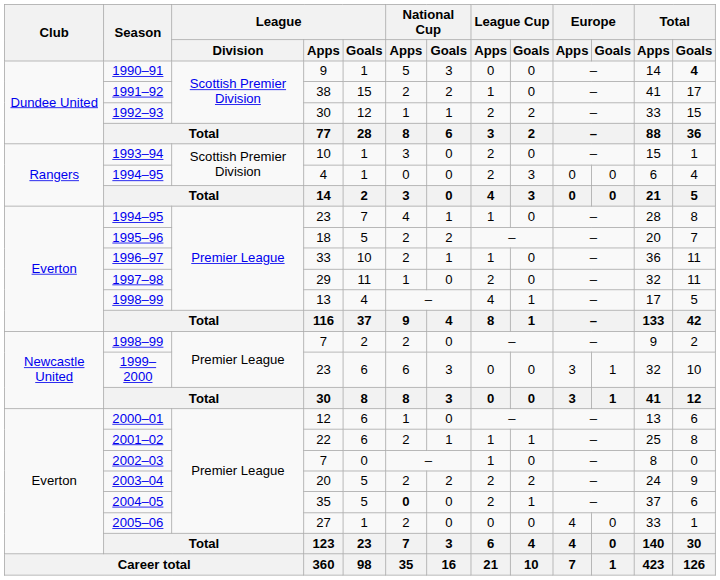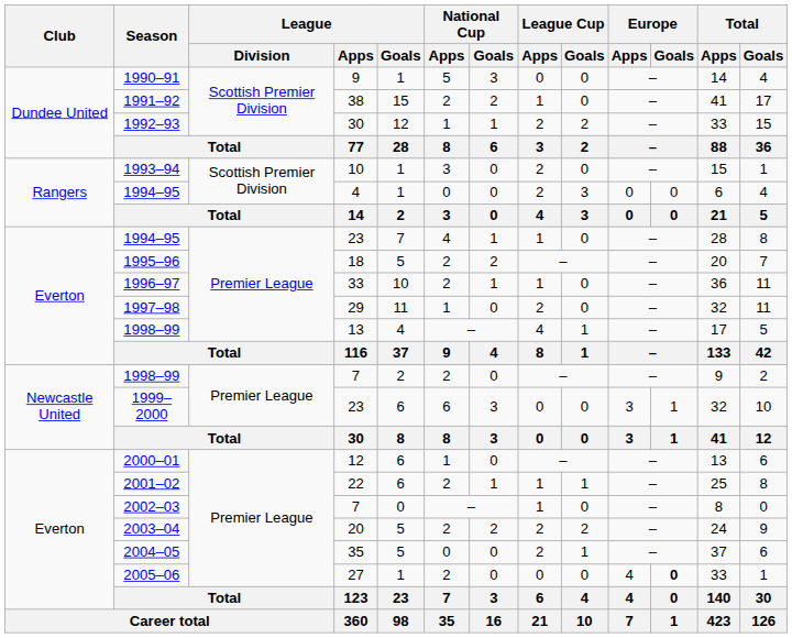 <table class=wikitable style=text-align:center>
 <tr>
 <th rowspan="2">Club</th>
 <th rowspan="2">Season</th>
 <th colspan="3">League</th>
 <th colspan="2">National Cup</th>
 <th colspan="2">League Cup</th>
 <th colspan="2">Europe</th>
 <th colspan="2">Total</th>
 </tr>
 <tr>
 <th>Division</th>
 <th>Apps</th>
 <th>Goals</th>
 <th>Apps</th>
 <th>Goals</th>
 <th>Apps</th>
 <th>Goals</th>
 <th>Apps</th>
 <th>Goals</th>
 <th>Apps</th>
 <th>Goals</th>
 </tr>
 <tr>
 <td rowspan="4"><a href='#'>Dundee United</a></td>
 <td><a href='#'>1990–91</a></td>
 <td rowspan="3"><a href='#'>Scottish Premier Division</a></td>
 <td>9</td>
 <td>1</td>
 <td>5</td>
 <td>3</td>
 <td>0</td>
 <td>0</td>
 <td colspan="2">–</td>
 <td>14</td>
-<td><strong>4</strong></td>
+<td>4</td>
 </tr>
 <tr>
 <td><a href='#'>1991–92</a></td>
 <td>38</td>
 <td>15</td>
 <td>2</td>
 <td>2</td>
 <td>1</td>
 <td>0</td>
 <td colspan="2">–</td>
 <td>41</td>
 <td>17</td>
 </tr>
 <tr>
 <td><a href='#'>1992–93</a></td>
 <td>30</td>
 <td>12</td>
 <td>1</td>
 <td>1</td>
 <td>2</td>
 <td>2</td>
 <td colspan="2">–</td>
 <td>33</td>
 <td>15</td>
 </tr>
 <tr>
 <th colspan="2">Total</th>
 <th>77</th>
 <th>28</th>
 <th>8</th>
 <th>6</th>
 <th>3</th>
 <th>2</th>
 <th colspan="2">–</th>
 <th>88</th>
 <th>36</th>
 </tr>
 <tr>
 <td rowspan="3"><a href='#'>Rangers</a></td>
 <td><a href='#'>1993–94</a></td>
 <td rowspan="2">Scottish Premier Division</td>
 <td>10</td>
 <td>1</td>
 <td>3</td>
 <td>0</td>
 <td>2</td>
 <td>0</td>
 <td colspan="2">–</td>
 <td>15</td>
 <td>1</td>
 </tr>
 <tr>
 <td><a href='#'>1994–95</a></td>
 <td>4</td>
 <td>1</td>
 <td>0</td>
 <td>0</td>
 <td>2</td>
 <td>3</td>
 <td>0</td>
 <td>0</td>
 <td>6</td>
 <td>4</td>
 </tr>
 <tr>
 <th colspan="2">Total</th>
 <th>14</th>
 <th>2</th>
 <th>3</th>
 <th>0</th>
 <th>4</th>
 <th>3</th>
 <th>0</th>
 <th>0</th>
 <th>21</th>
 <th>5</th>
 </tr>
 <tr>
 <td rowspan="6"><a href='#'>Everton</a></td>
 <td><a href='#'>1994–95</a></td>
 <td rowspan="5"><a href='#'>Premier League</a></td>
 <td>23</td>
 <td>7</td>
 <td>4</td>
 <td>1</td>
 <td>1</td>
 <td>0</td>
 <td colspan="2">–</td>
 <td>28</td>
 <td>8</td>
 </tr>
 <tr>
 <td><a href='#'>1995–96</a></td>
 <td>18</td>
 <td>5</td>
 <td>2</td>
 <td>2</td>
 <td colspan="2">–</td>
 <td colspan="2">–</td>
 <td>20</td>
 <td>7</td>
 </tr>
 <tr>
 <td><a href='#'>1996–97</a></td>
 <td>33</td>
 <td>10</td>
 <td>2</td>
 <td>1</td>
 <td>1</td>
 <td>0</td>
 <td colspan="2">–</td>
 <td>36</td>
 <td>11</td>
 </tr>
 <tr>
 <td><a href='#'>1997–98</a></td>
 <td>29</td>
 <td>11</td>
 <td>1</td>
 <td>0</td>
 <td>2</td>
 <td>0</td>
 <td colspan="2">–</td>
 <td>32</td>
 <td>11</td>
 </tr>
 <tr>
 <td><a href='#'>1998–99</a></td>
 <td>13</td>
 <td>4</td>
 <td colspan="2">–</td>
 <td>4</td>
 <td>1</td>
 <td colspan="2">–</td>
 <td>17</td>
 <td>5</td>
 </tr>
 <tr>
 <th colspan="2">Total</th>
 <th>116</th>
 <th>37</th>
 <th>9</th>
 <th>4</th>
 <th>8</th>
 <th>1</th>
 <th colspan="2">–</th>
 <th>133</th>
 <th>42</th>
 </tr>
 <tr>
 <td rowspan="3"><a href='#'>Newcastle United</a></td>
 <td><a href='#'>1998–99</a></td>
 <td rowspan="2">Premier League</td>
 <td>7</td>
 <td>2</td>
 <td>2</td>
 <td>0</td>
 <td colspan="2">–</td>
 <td colspan="2">–</td>
 <td>9</td>
 <td>2</td>
 </tr>
 <tr>
 <td><a href='#'>1999–2000</a></td>
 <td>23</td>
 <td>6</td>
 <td>6</td>
 <td>3</td>
 <td>0</td>
 <td>0</td>
 <td>3</td>
 <td>1</td>
 <td>32</td>
 <td>10</td>
 </tr>
 <tr>
 <th colspan="2">Total</th>
 <th>30</th>
 <th>8</th>
 <th>8</th>
 <th>3</th>
 <th>0</th>
 <th>0</th>
 <th>3</th>
 <th>1</th>
 <th>41</th>
 <th>12</th>
 </tr>
 <tr>
 <td rowspan="7">Everton</td>
 <td><a href='#'>2000–01</a></td>
 <td rowspan="6">Premier League</td>
 <td>12</td>
 <td>6</td>
 <td>1</td>
 <td>0</td>
 <td colspan="2">–</td>
 <td colspan="2">–</td>
 <td>13</td>
 <td>6</td>
 </tr>
 <tr>
 <td><a href='#'>2001–02</a></td>
 <td>22</td>
 <td>6</td>
 <td>2</td>
 <td>1</td>
 <td>1</td>
 <td>1</td>
 <td colspan="2">–</td>
 <td>25</td>
 <td>8</td>
 </tr>
 <tr>
 <td><a href='#'>2002–03</a></td>
 <td>7</td>
 <td>0</td>
 <td colspan="2">–</td>
 <td>1</td>
 <td>0</td>
 <td colspan="2">–</td>
 <td>8</td>
 <td>0</td>
 </tr>
 <tr>
 <td><a href='#'>2003–04</a></td>
 <td>20</td>
 <td>5</td>
 <td>2</td>
 <td>2</td>
 <td>2</td>
 <td>2</td>
 <td colspan="2">–</td>
 <td>24</td>
 <td>9</td>
 </tr>
 <tr>
 <td><a href='#'>2004–05</a></td>
 <td>35</td>
 <td>5</td>
-<td><strong>0</strong></td>
+<td>0</td>
 <td>0</td>
 <td>2</td>
 <td>1</td>
 <td colspan="2">–</td>
 <td>37</td>
 <td>6</td>
 </tr>
 <tr>
 <td><a href='#'>2005–06</a></td>
 <td>27</td>
 <td>1</td>
 <td>2</td>
 <td>0</td>
 <td>0</td>
 <td>0</td>
 <td>4</td>
-<td>0</td>
+<td><strong>0</strong></td>
 <td>33</td>
 <td>1</td>
 </tr>
 <tr>
 <th colspan="2">Total</th>
 <th>123</th>
 <th>23</th>
 <th>7</th>
 <th>3</th>
 <th>6</th>
 <th>4</th>
 <th>4</th>
 <th>0</th>
 <th>140</th>
 <th>30</th>
 </tr>
 <tr>
 <th colspan="3">Career total</th>
 <th>360</th>
 <th>98</th>
 <th>35</th>
 <th>16</th>
 <th>21</th>
 <th>10</th>
 <th>7</th>
 <th>1</th>
 <th>423</th>
 <th>126</th>
 </tr>
 </table>
